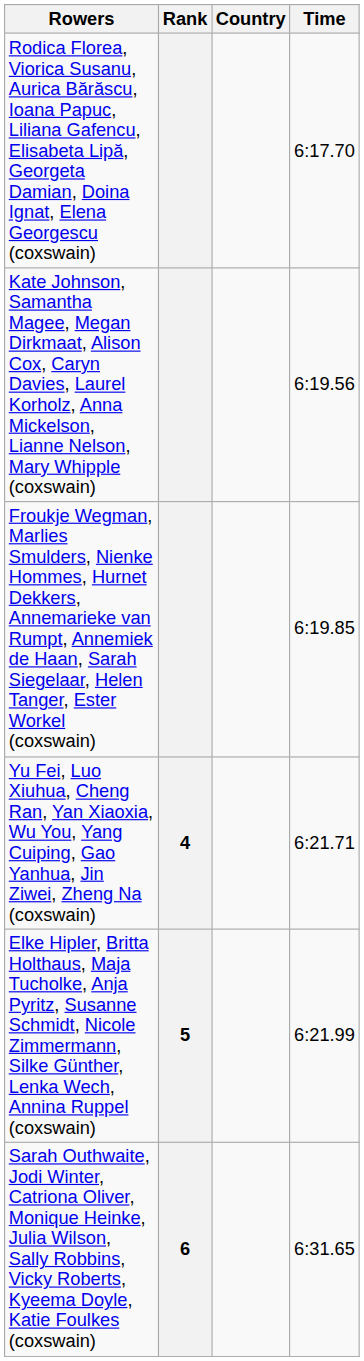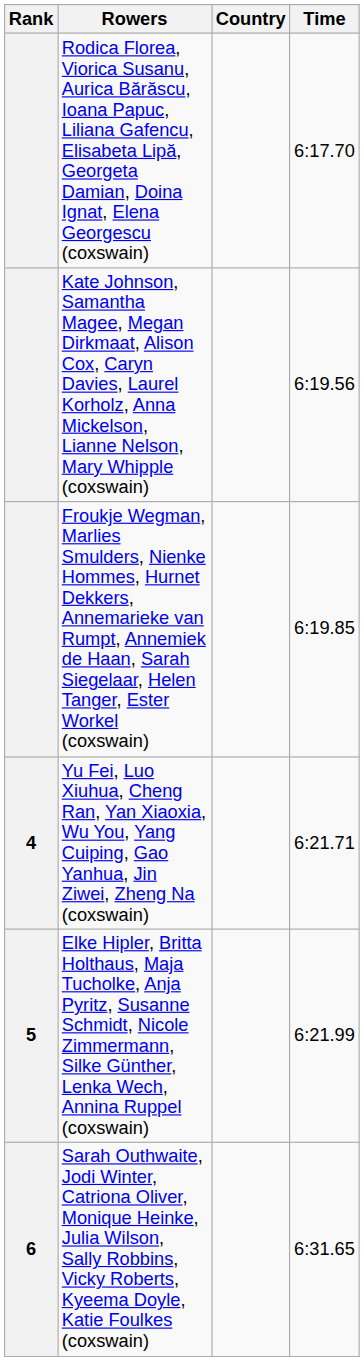 <table class="wikitable" width=50%>
 <tr>
+<th>Rank</th>
 <th>Rowers</th>
-<th>Rank</th>
 <th>Country</th>
 <th>Time</th>
 </tr>
 <tr>
+<th></th>
 <td><a href='#'>Rodica Florea</a>, <a href='#'>Viorica Susanu</a>, <a href='#'>Aurica Bărăscu</a>, <a href='#'>Ioana Papuc</a>, <a href='#'>Liliana Gafencu</a>, <a href='#'>Elisabeta Lipă</a>, <a href='#'>Georgeta Damian</a>, <a href='#'>Doina Ignat</a>, <a href='#'>Elena Georgescu</a> (coxswain)</td>
-<th></th>
 <td></td>
 <td>6:17.70</td>
 </tr>
 <tr>
+<th></th>
 <td><a href='#'>Kate Johnson</a>, <a href='#'>Samantha Magee</a>, <a href='#'>Megan Dirkmaat</a>, <a href='#'>Alison Cox</a>, <a href='#'>Caryn Davies</a>, <a href='#'>Laurel Korholz</a>, <a href='#'>Anna Mickelson</a>, <a href='#'>Lianne Nelson</a>, <a href='#'>Mary Whipple</a> (coxswain)</td>
-<th></th>
 <td></td>
 <td>6:19.56</td>
 </tr>
 <tr>
+<th></th>
 <td><a href='#'>Froukje Wegman</a>, <a href='#'>Marlies Smulders</a>, <a href='#'>Nienke Hommes</a>, <a href='#'>Hurnet Dekkers</a>, <a href='#'>Annemarieke van Rumpt</a>, <a href='#'>Annemiek de Haan</a>, <a href='#'>Sarah Siegelaar</a>, <a href='#'>Helen Tanger</a>, <a href='#'>Ester Workel</a> (coxswain)</td>
-<th></th>
 <td></td>
 <td>6:19.85</td>
 </tr>
 <tr>
+<th>4</th>
 <td><a href='#'>Yu Fei</a>, <a href='#'>Luo Xiuhua</a>, <a href='#'>Cheng Ran</a>, <a href='#'>Yan Xiaoxia</a>, <a href='#'>Wu You</a>, <a href='#'>Yang Cuiping</a>, <a href='#'>Gao Yanhua</a>, <a href='#'>Jin Ziwei</a>, <a href='#'>Zheng Na</a> (coxswain)</td>
-<th>4</th>
 <td></td>
 <td>6:21.71</td>
 </tr>
 <tr>
+<th>5</th>
 <td><a href='#'>Elke Hipler</a>, <a href='#'>Britta Holthaus</a>, <a href='#'>Maja Tucholke</a>, <a href='#'>Anja Pyritz</a>, <a href='#'>Susanne Schmidt</a>, <a href='#'>Nicole Zimmermann</a>, <a href='#'>Silke Günther</a>, <a href='#'>Lenka Wech</a>, <a href='#'>Annina Ruppel</a> (coxswain)</td>
-<th>5</th>
 <td></td>
 <td>6:21.99</td>
 </tr>
 <tr>
+<th>6</th>
 <td><a href='#'>Sarah Outhwaite</a>, <a href='#'>Jodi Winter</a>, <a href='#'>Catriona Oliver</a>, <a href='#'>Monique Heinke</a>, <a href='#'>Julia Wilson</a>, <a href='#'>Sally Robbins</a>, <a href='#'>Vicky Roberts</a>, <a href='#'>Kyeema Doyle</a>, <a href='#'>Katie Foulkes</a> (coxswain)</td>
-<th>6</th>
 <td></td>
 <td>6:31.65</td>
 </tr>
 </table>
